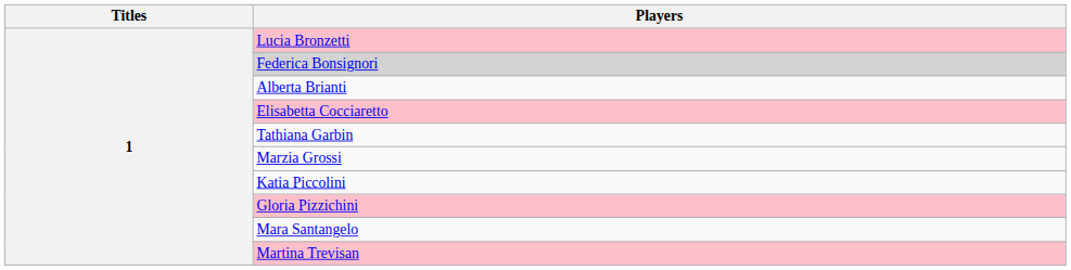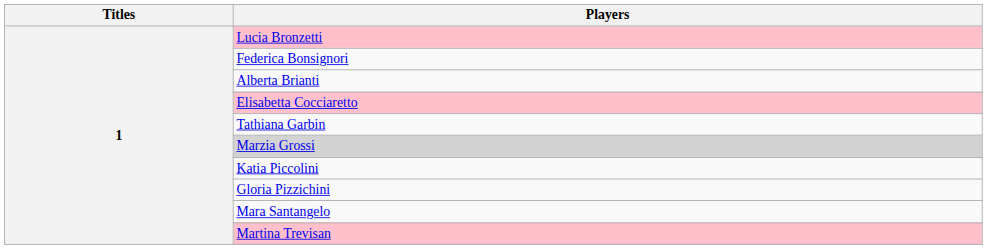 <table class="wikitable" width=90% style="font-size:100%; text-align:left;">
 <tr>
 <th>Titles</th>
 <th>Players</th>
 </tr>
 <tr>
 <th rowspan=10>1</th>
 <td bgcolor=pink><a href='#'>Lucia Bronzetti</a></td>
 </tr>
 <tr>
-<td style="background: lightgrey;"><a href='#'>Federica Bonsignori</a></td>
+<td><a href='#'>Federica Bonsignori</a></td>
 </tr>
 <tr>
 <td><a href='#'>Alberta Brianti</a></td>
 </tr>
 <tr>
 <td bgcolor=pink><a href='#'>Elisabetta Cocciaretto</a></td>
 </tr>
 <tr>
 <td><a href='#'>Tathiana Garbin</a></td>
 </tr>
 <tr>
-<td><a href='#'>Marzia Grossi</a></td>
+<td style="background: lightgrey;"><a href='#'>Marzia Grossi</a></td>
 </tr>
 <tr>
 <td><a href='#'>Katia Piccolini</a></td>
 </tr>
 <tr>
-<td style="background: pink;"><a href='#'>Gloria Pizzichini</a></td>
+<td><a href='#'>Gloria Pizzichini</a></td>
 </tr>
 <tr>
 <td><a href='#'>Mara Santangelo</a></td>
 </tr>
 <tr>
 <td bgcolor=pink><a href='#'>Martina Trevisan</a></td>
 </tr>
 </table>
